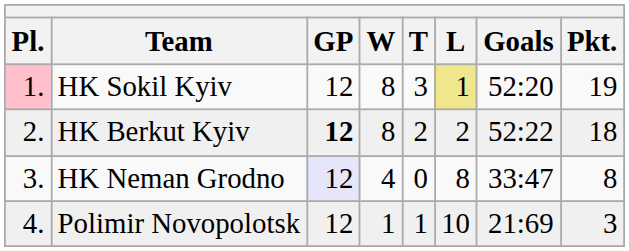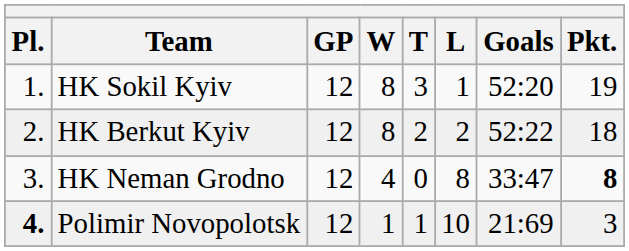 <table class="wikitable">
 <tr>
 <th colspan="9"></th>
 </tr>
 <tr bgcolor = "#e0e0e0">
 <th>Pl.</th>
 <th>Team</th>
 <th>GP</th>
 <th>W</th>
 <th>T</th>
 <th>L</th>
 <th>Goals</th>
 <th>Pkt.</th>
 </tr>
 <tr align="right">
-<td style="background: pink;">1.</td>
+<td>1.</td>
 <td align="left">HK Sokil Kyiv</td>
 <td>12</td>
 <td>8</td>
 <td>3</td>
-<td style="background: khaki;">1</td>
+<td>1</td>
 <td>52:20</td>
 <td>19</td>
 </tr>
 <tr align="right" bgcolor="#f0f0f0">
 <td>2.</td>
 <td align="left">HK Berkut Kyiv</td>
-<td><strong>12</strong></td>
+<td>12</td>
 <td>8</td>
 <td>2</td>
 <td>2</td>
 <td>52:22</td>
 <td>18</td>
 </tr>
 <tr align="right">
 <td>3.</td>
 <td align="left">HK Neman Grodno</td>
-<td style="background: lavender;">12</td>
+<td>12</td>
 <td>4</td>
 <td>0</td>
 <td>8</td>
 <td>33:47</td>
-<td>8</td>
+<td><strong>8</strong></td>
 </tr>
 <tr align="right" bgcolor="#f0f0f0">
-<td>4.</td>
+<td><strong>4.</strong></td>
 <td align="left">Polimir Novopolotsk</td>
 <td>12</td>
 <td>1</td>
 <td>1</td>
 <td>10</td>
 <td>21:69</td>
 <td>3</td>
 </tr>
 </table>
